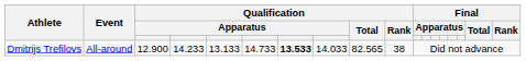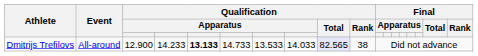 <table class="wikitable" style="font-size:90%">
 <tr>
 <th rowspan=3>Athlete</th>
 <th rowspan=3>Event</th>
 <th colspan =8>Qualification</th>
 <th colspan =8>Final</th>
 </tr>
 <tr style="font-size:95%">
 <th colspan=6>Apparatus</th>
 <th rowspan=2>Total</th>
 <th rowspan=2>Rank</th>
 <th colspan=6>Apparatus</th>
 <th rowspan=2>Total</th>
 <th rowspan=2>Rank</th>
 </tr>
 <tr style="font-size:95%">
 <th></th>
 <th></th>
 <th></th>
 <th></th>
 <th></th>
 <th></th>
 <th></th>
 <th></th>
 <th></th>
 <th></th>
 <th></th>
 <th></th>
 </tr>
 <tr align=center>
 <td align=left><a href='#'>Dmitrijs Trefilovs</a></td>
 <td align=left><a href='#'>All-around</a></td>
 <td>12.900</td>
 <td>14.233</td>
-<td>13.133</td>
+<td><strong>13.133</strong></td>
 <td>14.733</td>
-<td><strong>13.533</strong></td>
+<td>13.533</td>
 <td>14.033</td>
-<td>82.565</td>
+<td style="background: lavender;">82.565</td>
 <td>38</td>
 <td colspan=8>Did not advance</td>
 </tr>
 </table>
